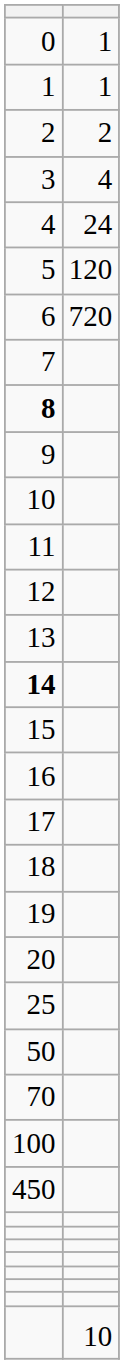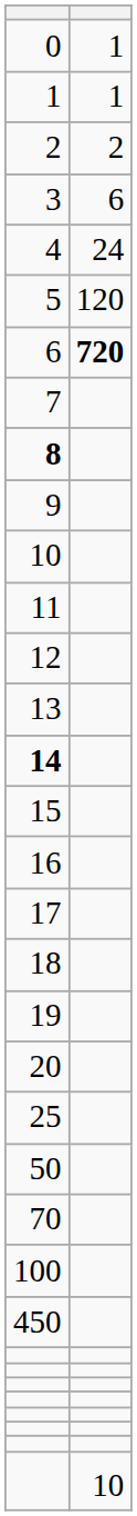 <table class="wikitable" style="margin:0 0 0 1em; text-align:right; float:right;">
 <tr>
 <th></th>
 <th></th>
 </tr>
 <tr>
 <td>0</td>
 <td>1</td>
 </tr>
 <tr>
 <td>1</td>
 <td>1</td>
 </tr>
 <tr>
 <td>2</td>
 <td>2</td>
 </tr>
 <tr>
 <td>3</td>
-<td>4</td>
+<td>6</td>
 </tr>
 <tr>
 <td>4</td>
 <td>24</td>
 </tr>
 <tr>
 <td>5</td>
 <td>120</td>
 </tr>
 <tr>
 <td>6</td>
-<td>720</td>
+<td><strong>720</strong></td>
 </tr>
 <tr>
 <td>7</td>
 <td></td>
 </tr>
 <tr>
 <td><strong>8</strong></td>
 <td></td>
 </tr>
 <tr>
 <td>9</td>
 <td></td>
 </tr>
 <tr>
 <td>10</td>
 <td></td>
 </tr>
 <tr>
 <td>11</td>
 <td></td>
 </tr>
 <tr>
 <td>12</td>
 <td></td>
 </tr>
 <tr>
 <td>13</td>
 <td></td>
 </tr>
 <tr>
 <td><strong>14</strong></td>
 <td></td>
 </tr>
 <tr>
 <td>15</td>
 <td></td>
 </tr>
 <tr>
 <td>16</td>
 <td></td>
 </tr>
 <tr>
 <td>17</td>
 <td></td>
 </tr>
 <tr>
 <td>18</td>
 <td></td>
 </tr>
 <tr>
 <td>19</td>
 <td></td>
 </tr>
 <tr>
 <td>20</td>
 <td></td>
 </tr>
 <tr>
 <td>25</td>
 <td style="text-align:left"></td>
 </tr>
 <tr>
 <td>50</td>
 <td style="text-align:left"></td>
 </tr>
 <tr>
 <td>70</td>
 <td style="text-align:left"></td>
 </tr>
 <tr>
 <td>100</td>
 <td style="text-align:left"></td>
 </tr>
 <tr>
 <td>450</td>
 <td style="text-align:left"></td>
 </tr>
 <tr>
 <td></td>
 <td style="text-align:left"></td>
 </tr>
 <tr>
 <td></td>
 <td style="text-align:left"></td>
 </tr>
 <tr>
 <td></td>
 <td style="text-align:left"></td>
 </tr>
 <tr>
 <td></td>
 <td style="text-align:left"></td>
 </tr>
 <tr>
 <td></td>
 <td style="text-align:left"></td>
 </tr>
 <tr>
 <td></td>
 <td style="text-align:left"></td>
 </tr>
 <tr>
 <td></td>
 <td style="text-align:left"></td>
 </tr>
 <tr>
 <td><a href='#'></a></td>
 <td>10<sup></sup></td>
 </tr>
 </table>
